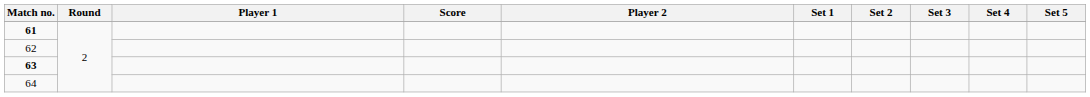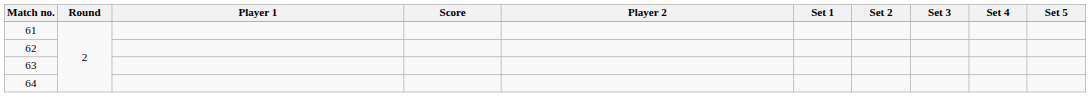 <table class="wikitable" style="text-align: center;">
 <tr>
 <th width="2%">Match no.</th>
 <th width="2%">Round</th>
 <th width="15%">Player 1</th>
 <th width="5%">Score</th>
 <th width="15%">Player 2</th>
 <th width="3%">Set 1</th>
 <th width="3%">Set 2</th>
 <th width="3%">Set 3</th>
 <th width="3%">Set 4</th>
 <th width="3%">Set 5</th>
 </tr>
 <tr>
 </tr>
 <tr style=text-align:center;>
-<td><strong>61</strong></td>
+<td>61</td>
 <td rowspan=4>2</td>
 <td></td>
 <td></td>
 <td></td>
 <td></td>
 <td></td>
 <td></td>
 <td></td>
 <td></td>
 </tr>
 <tr style=text-align:center;>
 <td>62</td>
 <td></td>
 <td></td>
 <td></td>
 <td></td>
 <td></td>
 <td></td>
 <td></td>
 <td></td>
 </tr>
 <tr style=text-align:center;>
-<td><strong>63</strong></td>
+<td>63</td>
 <td></td>
 <td></td>
 <td></td>
 <td></td>
 <td></td>
 <td></td>
 <td></td>
 <td></td>
 </tr>
 <tr style=text-align:center;>
 <td>64</td>
 <td></td>
 <td></td>
 <td></td>
 <td></td>
 <td></td>
 <td></td>
 <td></td>
 <td></td>
 </tr>
 </table>
